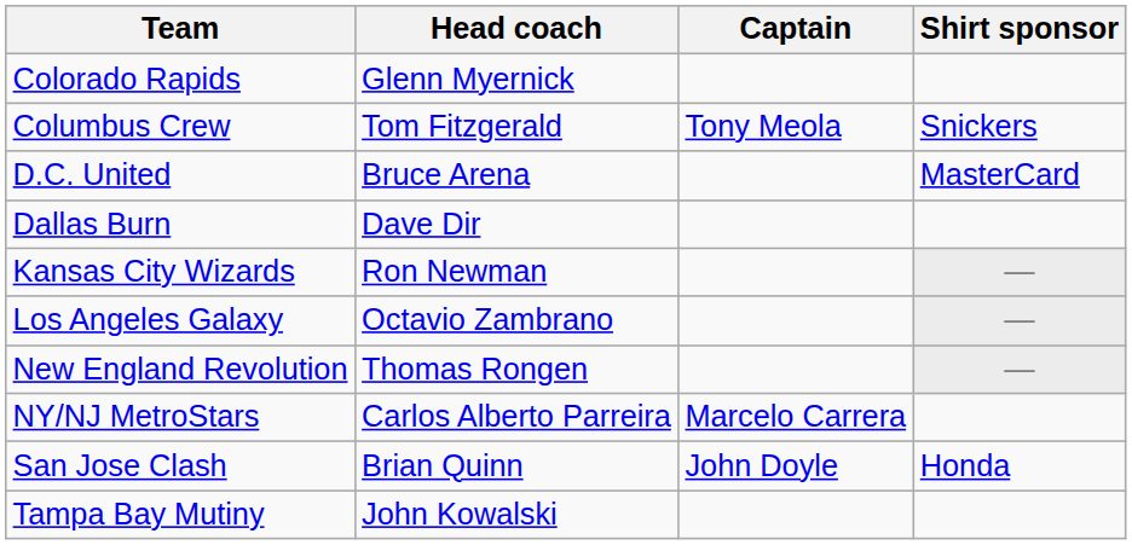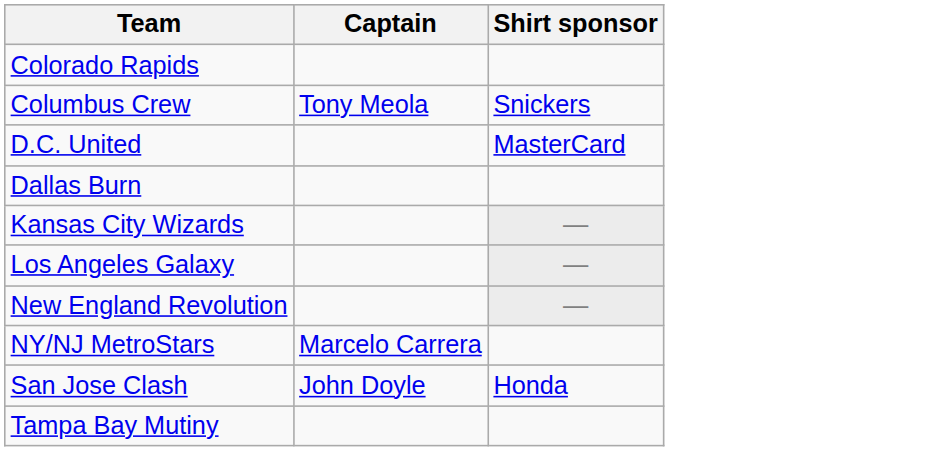 <table class="wikitable sortable" style="text-align: left;">
 <tr>
 <th>Team</th>
-<th>Head coach</th>
 <th>Captain</th>
 <th>Shirt sponsor</th>
 </tr>
 <tr>
 <td><a href='#'>Colorado Rapids</a></td>
-<td> <a href='#'>Glenn Myernick</a></td>
 <td></td>
 <td></td>
 </tr>
 <tr>
 <td><a href='#'>Columbus Crew</a></td>
-<td> <a href='#'>Tom Fitzgerald</a></td>
 <td> <a href='#'>Tony Meola</a></td>
 <td><a href='#'>Snickers</a></td>
 </tr>
 <tr>
 <td><a href='#'>D.C. United</a></td>
-<td> <a href='#'>Bruce Arena</a></td>
 <td></td>
 <td><a href='#'>MasterCard</a></td>
 </tr>
 <tr>
 <td><a href='#'>Dallas Burn</a></td>
-<td> <a href='#'>Dave Dir</a></td>
 <td></td>
 <td></td>
 </tr>
 <tr>
 <td><a href='#'>Kansas City Wizards</a></td>
-<td> <a href='#'>Ron Newman</a></td>
 <td></td>
 <td align="center" colspan="1" style="background:#ececec; color:gray">—</td>
 </tr>
 <tr>
 <td><a href='#'>Los Angeles Galaxy</a></td>
-<td> <a href='#'>Octavio Zambrano</a></td>
 <td></td>
 <td align="center" colspan="1" style="background:#ececec; color:gray">—</td>
 </tr>
 <tr>
 <td><a href='#'>New England Revolution</a></td>
-<td> <a href='#'>Thomas Rongen</a></td>
 <td></td>
 <td align="center" colspan="1" style="background:#ececec; color:gray">—</td>
 </tr>
 <tr>
 <td><a href='#'>NY/NJ MetroStars</a></td>
-<td> <a href='#'>Carlos Alberto Parreira</a></td>
 <td> <a href='#'>Marcelo Carrera</a></td>
 <td></td>
 </tr>
 <tr>
 <td><a href='#'>San Jose Clash</a></td>
-<td> <a href='#'>Brian Quinn</a></td>
 <td> <a href='#'>John Doyle</a></td>
 <td><a href='#'>Honda</a></td>
 </tr>
 <tr>
 <td><a href='#'>Tampa Bay Mutiny</a></td>
-<td> <a href='#'>John Kowalski</a></td>
 <td></td>
 <td></td>
 </tr>
 </table>
